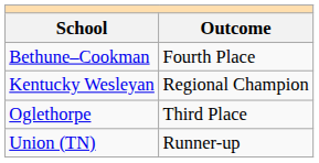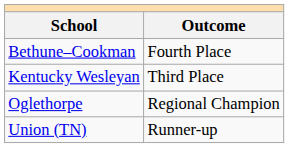 <table class="wikitable">
 <tr>
 <th colspan="3" style="background:#ffdead;"></th>
 </tr>
 <tr>
 <th>School</th>
 <th>Outcome</th>
 </tr>
 <tr>
 <td><a href='#'>Bethune–Cookman</a></td>
 <td>Fourth Place</td>
 </tr>
 <tr>
 <td><a href='#'>Kentucky Wesleyan</a></td>
-<td>Regional Champion</td>
+<td>Third Place</td>
 </tr>
 <tr>
 <td><a href='#'>Oglethorpe</a></td>
-<td>Third Place</td>
+<td>Regional Champion</td>
 </tr>
 <tr>
 <td><a href='#'>Union (TN)</a></td>
 <td>Runner-up</td>
 </tr>
 </table>
